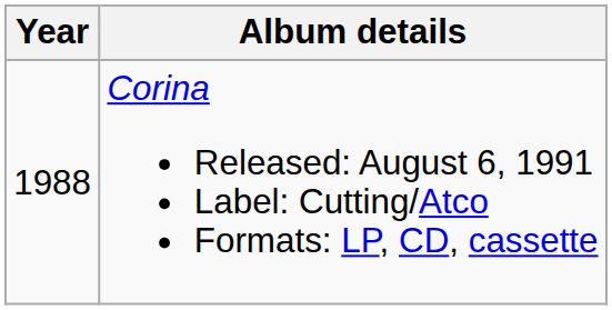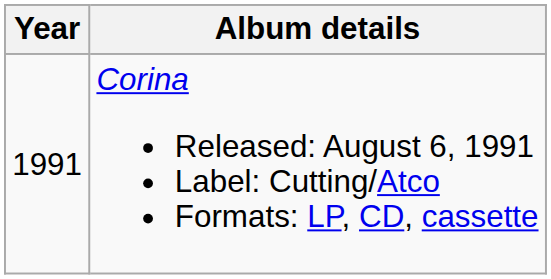 <table class="wikitable" style="text-align:center;">
 <tr>
 <th>Year</th>
 <th>Album details</th>
 </tr>
 <tr>
-<td>1988</td>
+<td>1991</td>
 <td style="text-align:left;"><em><a href='#'>Corina</a></em><br><ul><li>Released: August 6, 1991</li><li>Label: Cutting/<a href='#'>Atco</a></li><li>Formats: <a href='#'>LP</a>, <a href='#'>CD</a>, <a href='#'>cassette</a></li></ul></td>
 </tr>
 </table>
